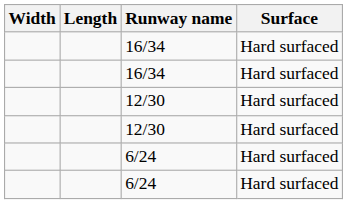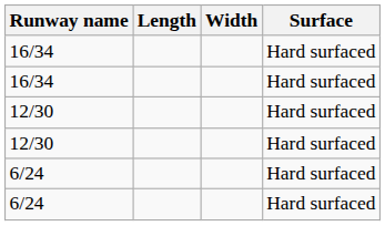 <table class="wikitable">
 <tr>
+<th>Runway name</th>
+<th>Length</th>
 <th>Width</th>
-<th>Length</th>
-<th>Runway name</th>
 <th>Surface</th>
 </tr>
 <tr>
+<td>16/34</td>
 <td></td>
 <td></td>
-<td>16/34</td>
 <td>Hard surfaced</td>
 </tr>
 <tr>
+<td>16/34</td>
 <td></td>
 <td></td>
-<td>16/34</td>
 <td>Hard surfaced</td>
 </tr>
 <tr>
+<td>12/30</td>
 <td></td>
 <td></td>
-<td>12/30</td>
 <td>Hard surfaced</td>
 </tr>
 <tr>
+<td>12/30</td>
 <td></td>
 <td></td>
-<td>12/30</td>
 <td>Hard surfaced</td>
 </tr>
 <tr>
+<td>6/24</td>
 <td></td>
 <td></td>
-<td>6/24</td>
 <td>Hard surfaced</td>
 </tr>
 <tr>
+<td>6/24</td>
 <td></td>
 <td></td>
-<td>6/24</td>
 <td>Hard surfaced</td>
 </tr>
 </table>
